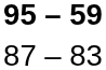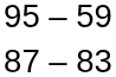 <table style="text-align:center;">
 <tr>
 <th width=200></th>
 <th width=100></th>
 <th width=200></th>
 <th></th>
 </tr>
 <tr>
 <td align=right><strong></strong></td>
-<td><strong>95 – 59</strong></td>
+<td>95 – 59</td>
 <td align=left></td>
 </tr>
 <tr>
 <td align=right><strong></strong></td>
 <td>87 – 83</td>
 <td align=left></td>
 </tr>
 </table>
